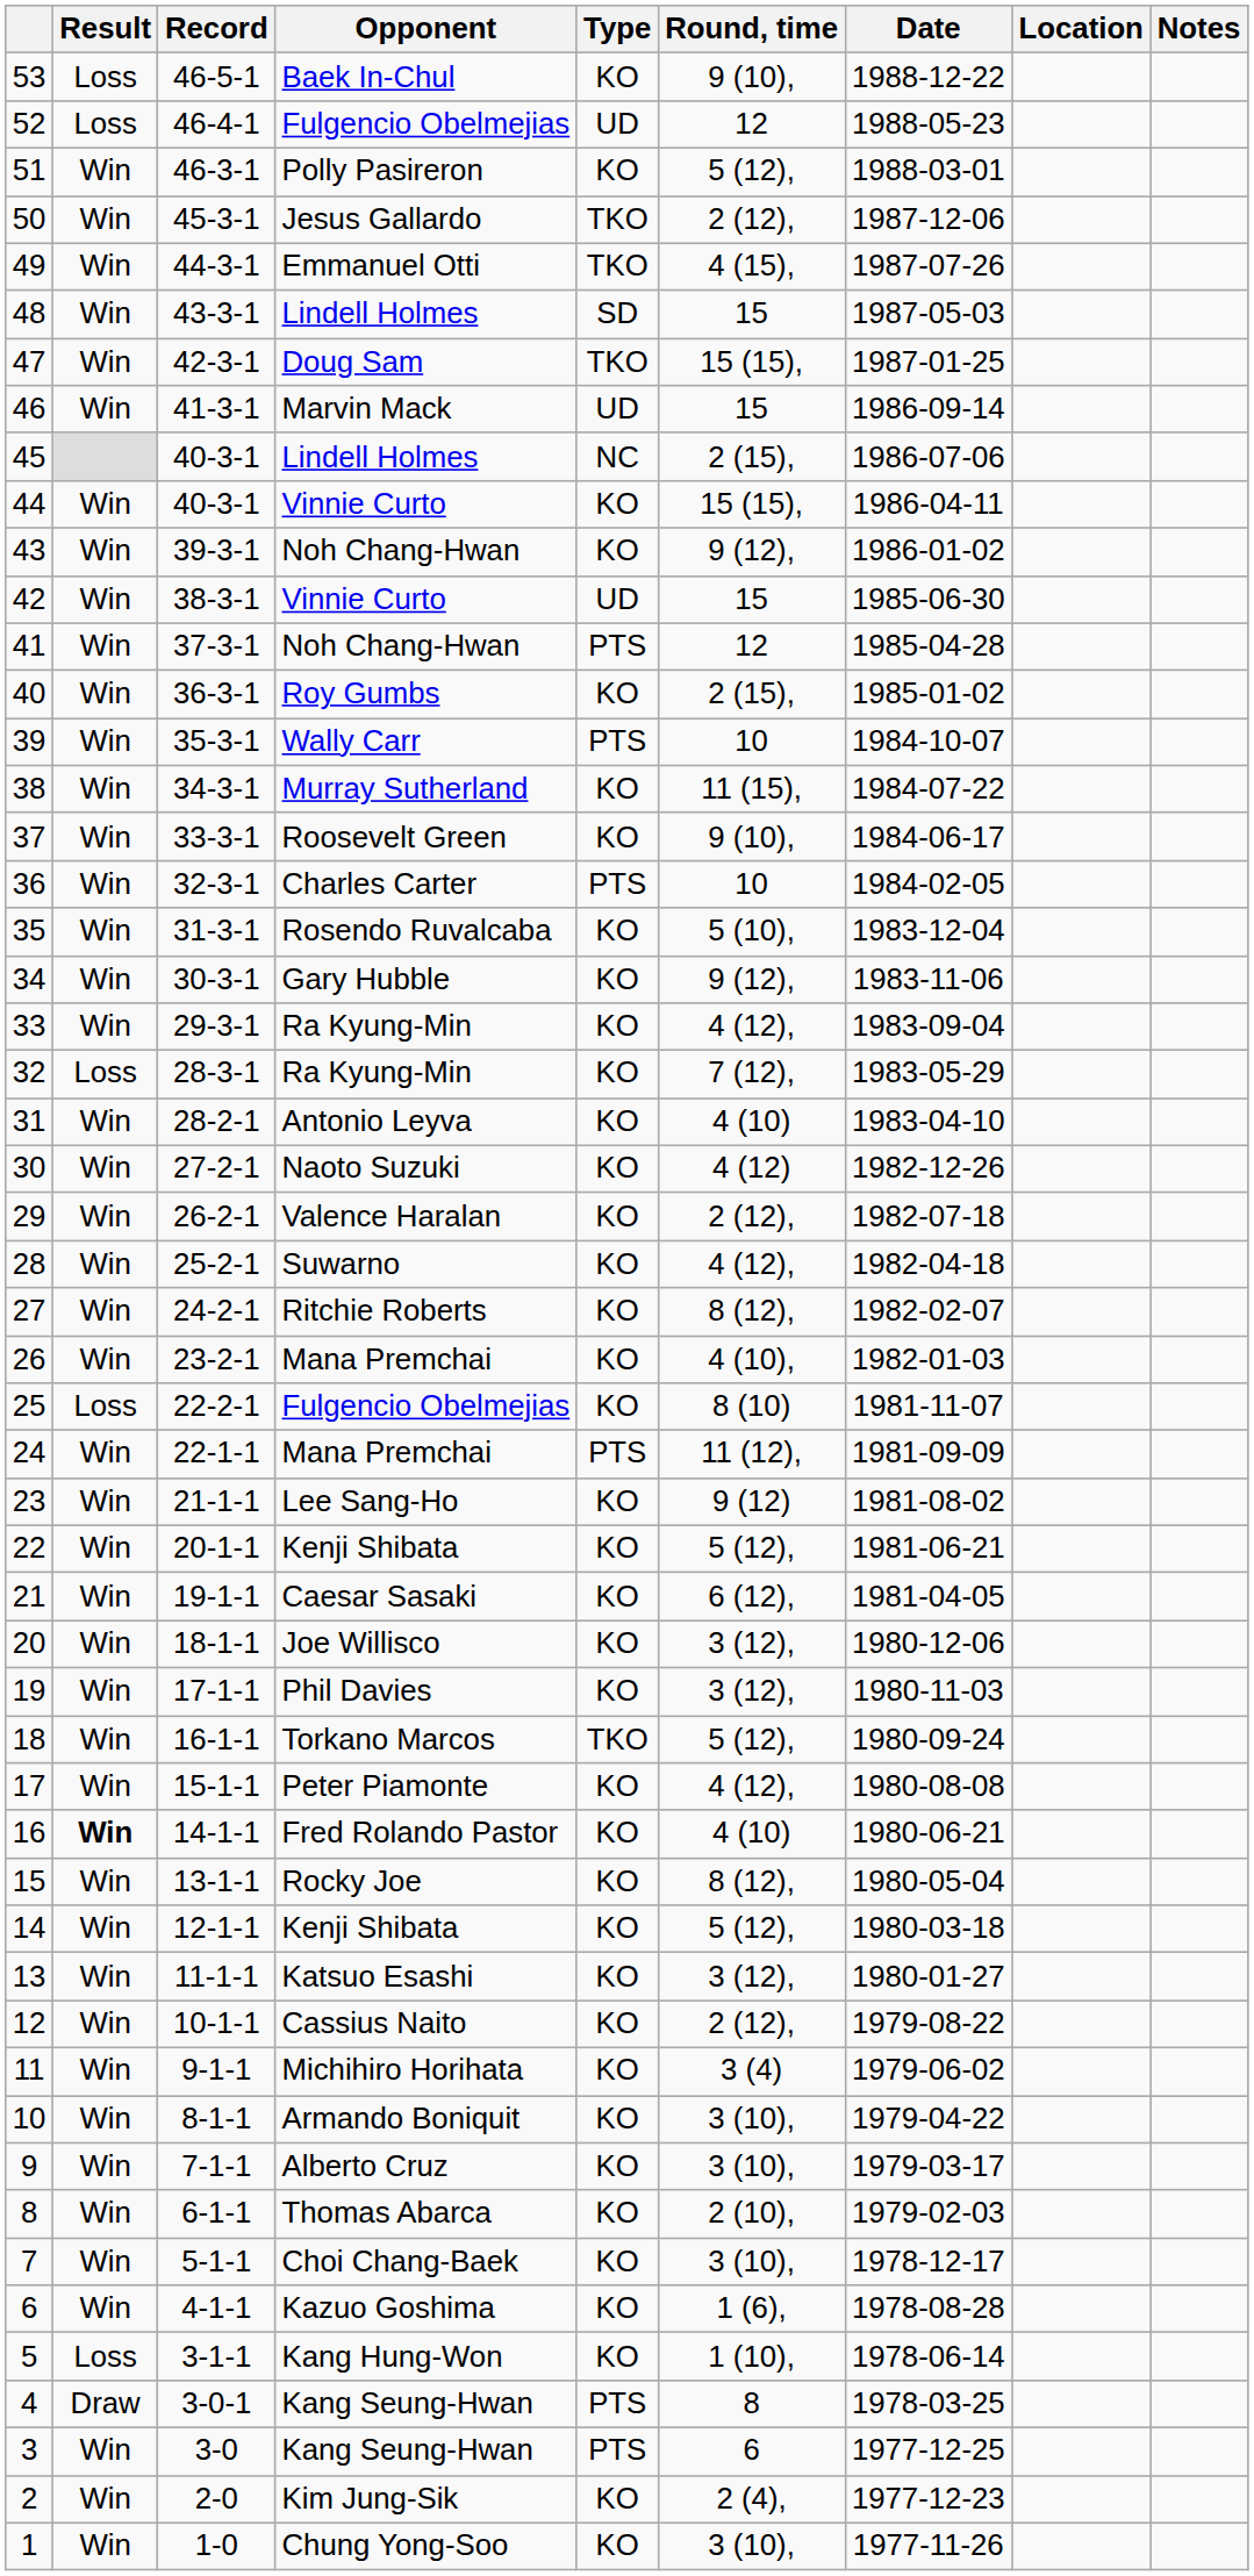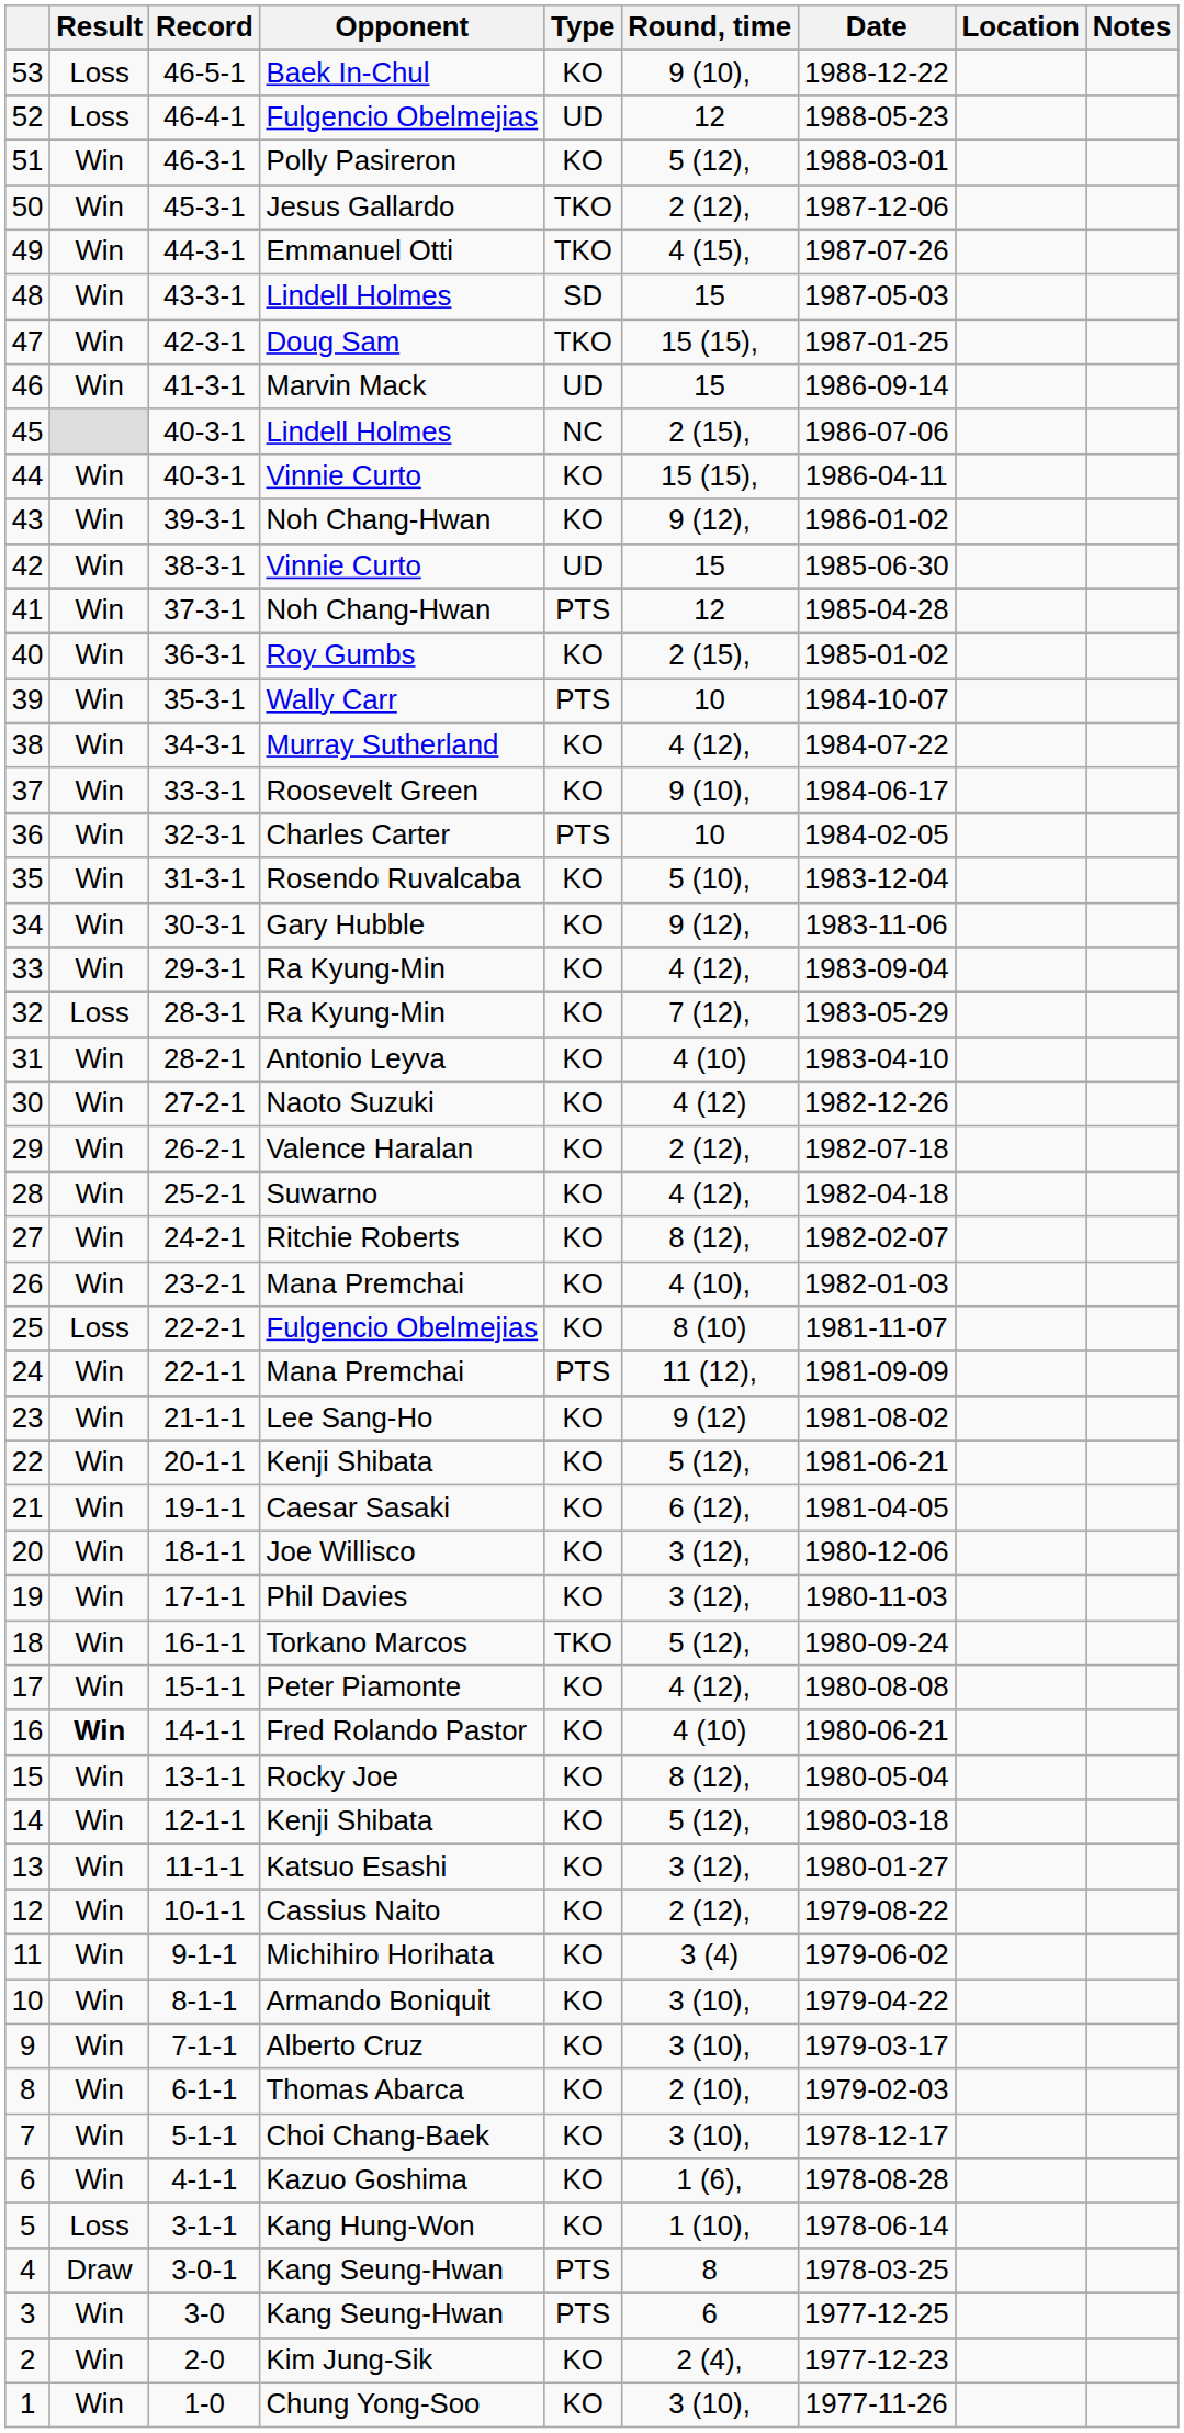 <table class="wikitable" style="text-align:center">
 <tr>
 <th></th>
 <th>Result</th>
 <th>Record</th>
 <th>Opponent</th>
 <th>Type</th>
 <th>Round, time</th>
 <th>Date</th>
 <th>Location</th>
 <th>Notes</th>
 </tr>
 <tr align=center>
 <td>53</td>
 <td>Loss</td>
 <td>46-5-1 </td>
 <td align=left><a href='#'>Baek In-Chul</a></td>
 <td>KO</td>
 <td>9 (10), </td>
 <td>1988-12-22</td>
 <td align=left></td>
 <td></td>
 </tr>
 <tr align=center>
 <td>52</td>
 <td>Loss</td>
 <td>46-4-1 </td>
 <td align=left><a href='#'>Fulgencio Obelmejias</a></td>
 <td>UD</td>
 <td>12</td>
 <td>1988-05-23</td>
 <td align=left></td>
 <td align=left></td>
 </tr>
 <tr align=center>
 <td>51</td>
 <td>Win</td>
 <td>46-3-1 </td>
 <td align=left>Polly Pasireron</td>
 <td>KO</td>
 <td>5 (12), </td>
 <td>1988-03-01</td>
 <td align=left></td>
 <td align=left></td>
 </tr>
 <tr align=center>
 <td>50</td>
 <td>Win</td>
 <td>45-3-1 </td>
 <td align=left>Jesus Gallardo</td>
 <td>TKO</td>
 <td>2 (12), </td>
 <td>1987-12-06</td>
 <td align=left></td>
 <td align=left></td>
 </tr>
 <tr align=center>
 <td>49</td>
 <td>Win</td>
 <td>44-3-1 </td>
 <td align=left>Emmanuel Otti</td>
 <td>TKO</td>
 <td>4 (15), </td>
 <td>1987-07-26</td>
 <td align=left></td>
 <td align=left></td>
 </tr>
 <tr align=center>
 <td>48</td>
 <td>Win</td>
 <td>43-3-1 </td>
 <td align=left><a href='#'>Lindell Holmes</a></td>
 <td>SD</td>
 <td>15</td>
 <td>1987-05-03</td>
 <td align=left></td>
 <td align=left></td>
 </tr>
 <tr align=center>
 <td>47</td>
 <td>Win</td>
 <td>42-3-1 </td>
 <td align=left><a href='#'>Doug Sam</a></td>
 <td>TKO</td>
 <td>15 (15), </td>
 <td>1987-01-25</td>
 <td align=left></td>
 <td align=left></td>
 </tr>
 <tr align=center>
 <td>46</td>
 <td>Win</td>
 <td>41-3-1 </td>
 <td align=left>Marvin Mack</td>
 <td>UD</td>
 <td>15</td>
 <td>1986-09-14</td>
 <td align=left></td>
 <td align=left></td>
 </tr>
 <tr align=center>
 <td>45</td>
 <td style="background:#DDD"></td>
 <td>40-3-1 </td>
 <td align=left><a href='#'>Lindell Holmes</a></td>
 <td>NC</td>
 <td>2 (15), </td>
 <td>1986-07-06</td>
 <td align=left></td>
 <td align=left></td>
 </tr>
 <tr align=center>
 <td>44</td>
 <td>Win</td>
 <td>40-3-1</td>
 <td align=left><a href='#'>Vinnie Curto</a></td>
 <td>KO</td>
 <td>15 (15), </td>
 <td>1986-04-11</td>
 <td align=left></td>
 <td align=left></td>
 </tr>
 <tr align=center>
 <td>43</td>
 <td>Win</td>
 <td>39-3-1</td>
 <td align=left>Noh Chang-Hwan</td>
 <td>KO</td>
 <td>9 (12), </td>
 <td>1986-01-02</td>
 <td align=left></td>
 <td></td>
 </tr>
 <tr align=center>
 <td>42</td>
 <td>Win</td>
 <td>38-3-1</td>
 <td align=left><a href='#'>Vinnie Curto</a></td>
 <td>UD</td>
 <td>15</td>
 <td>1985-06-30</td>
 <td align=left></td>
 <td align=left></td>
 </tr>
 <tr align=center>
 <td>41</td>
 <td>Win</td>
 <td>37-3-1</td>
 <td align=left>Noh Chang-Hwan</td>
 <td>PTS</td>
 <td>12</td>
 <td>1985-04-28</td>
 <td align=left></td>
 <td></td>
 </tr>
 <tr align=center>
 <td>40</td>
 <td>Win</td>
 <td>36-3-1</td>
 <td align=left><a href='#'>Roy Gumbs</a></td>
 <td>KO</td>
 <td>2 (15), </td>
 <td>1985-01-02</td>
 <td align=left></td>
 <td align=left></td>
 </tr>
 <tr align=center>
 <td>39</td>
 <td>Win</td>
 <td>35-3-1</td>
 <td align=left><a href='#'>Wally Carr</a></td>
 <td>PTS</td>
 <td>10</td>
 <td>1984-10-07</td>
 <td align=left></td>
 <td></td>
 </tr>
 <tr align=center>
 <td>38</td>
 <td>Win</td>
 <td>34-3-1</td>
 <td align=left><a href='#'>Murray Sutherland</a></td>
 <td>KO</td>
-<td>11 (15), </td>
+<td>4 (12), </td>
 <td>1984-07-22</td>
 <td align=left></td>
 <td align=left></td>
 </tr>
 <tr align=center>
 <td>37</td>
 <td>Win</td>
 <td>33-3-1</td>
 <td align=left>Roosevelt Green</td>
 <td>KO</td>
 <td>9 (10), </td>
 <td>1984-06-17</td>
 <td align=left></td>
 <td></td>
 </tr>
 <tr align=center>
 <td>36</td>
 <td>Win</td>
 <td>32-3-1</td>
 <td align=left>Charles Carter</td>
 <td>PTS</td>
 <td>10</td>
 <td>1984-02-05</td>
 <td align=left></td>
 <td></td>
 </tr>
 <tr align=center>
 <td>35</td>
 <td>Win</td>
 <td>31-3-1</td>
 <td align=left>Rosendo Ruvalcaba</td>
 <td>KO</td>
 <td>5 (10), </td>
 <td>1983-12-04</td>
 <td align=left></td>
 <td></td>
 </tr>
 <tr align=center>
 <td>34</td>
 <td>Win</td>
 <td>30-3-1</td>
 <td align=left>Gary Hubble</td>
 <td>KO</td>
 <td>9 (12), </td>
 <td>1983-11-06</td>
 <td align=left></td>
 <td align=left></td>
 </tr>
 <tr align=center>
 <td>33</td>
 <td>Win</td>
 <td>29-3-1</td>
 <td align=left>Ra Kyung-Min</td>
 <td>KO</td>
 <td>4 (12), </td>
 <td>1983-09-04</td>
 <td align=left></td>
 <td align=left></td>
 </tr>
 <tr align=center>
 <td>32</td>
 <td>Loss</td>
 <td>28-3-1</td>
 <td align=left>Ra Kyung-Min</td>
 <td>KO</td>
 <td>7 (12), </td>
 <td>1983-05-29</td>
 <td align=left></td>
 <td align=left></td>
 </tr>
 <tr align=center>
 <td>31</td>
 <td>Win</td>
 <td>28-2-1</td>
 <td align=left>Antonio Leyva</td>
 <td>KO</td>
 <td>4 (10)</td>
 <td>1983-04-10</td>
 <td align=left></td>
 <td></td>
 </tr>
 <tr align=center>
 <td>30</td>
 <td>Win</td>
 <td>27-2-1</td>
 <td align=left>Naoto Suzuki</td>
 <td>KO</td>
 <td>4 (12)</td>
 <td>1982-12-26</td>
 <td align=left></td>
 <td align=left></td>
 </tr>
 <tr align=center>
 <td>29</td>
 <td>Win</td>
 <td>26-2-1</td>
 <td align=left>Valence Haralan</td>
 <td>KO</td>
 <td>2 (12), </td>
 <td>1982-07-18</td>
 <td align=left></td>
 <td align=left></td>
 </tr>
 <tr align=center>
 <td>28</td>
 <td>Win</td>
 <td>25-2-1</td>
 <td align=left>Suwarno</td>
 <td>KO</td>
 <td>4 (12), </td>
 <td>1982-04-18</td>
 <td align=left></td>
 <td align=left></td>
 </tr>
 <tr align=center>
 <td>27</td>
 <td>Win</td>
 <td>24-2-1</td>
 <td align=left>Ritchie Roberts</td>
 <td>KO</td>
 <td>8 (12), </td>
 <td>1982-02-07</td>
 <td align=left></td>
 <td align=left></td>
 </tr>
 <tr align=center>
 <td>26</td>
 <td>Win</td>
 <td>23-2-1</td>
 <td align=left>Mana Premchai</td>
 <td>KO</td>
 <td>4 (10), </td>
 <td>1982-01-03</td>
 <td align=left></td>
 <td align=left></td>
 </tr>
 <tr align=center>
 <td>25</td>
 <td>Loss</td>
 <td>22-2-1</td>
 <td align=left><a href='#'>Fulgencio Obelmejias</a></td>
 <td>KO</td>
 <td>8 (10)</td>
 <td>1981-11-07</td>
 <td align=left></td>
 <td></td>
 </tr>
 <tr align=center>
 <td>24</td>
 <td>Win</td>
 <td>22-1-1</td>
 <td align=left>Mana Premchai</td>
 <td>PTS</td>
 <td>11 (12), </td>
 <td>1981-09-09</td>
 <td align=left></td>
 <td align=left></td>
 </tr>
 <tr align=center>
 <td>23</td>
 <td>Win</td>
 <td>21-1-1</td>
 <td align=left>Lee Sang-Ho</td>
 <td>KO</td>
 <td>9 (12)</td>
 <td>1981-08-02</td>
 <td align=left></td>
 <td></td>
 </tr>
 <tr align=center>
 <td>22</td>
 <td>Win</td>
 <td>20-1-1</td>
 <td align=left>Kenji Shibata</td>
 <td>KO</td>
 <td>5 (12), </td>
 <td>1981-06-21</td>
 <td align=left></td>
 <td align=left></td>
 </tr>
 <tr align=center>
 <td>21</td>
 <td>Win</td>
 <td>19-1-1</td>
 <td align=left>Caesar Sasaki</td>
 <td>KO</td>
 <td>6 (12), </td>
 <td>1981-04-05</td>
 <td align=left></td>
 <td align=left></td>
 </tr>
 <tr align=center>
 <td>20</td>
 <td>Win</td>
 <td>18-1-1</td>
 <td align=left>Joe Willisco</td>
 <td>KO</td>
 <td>3 (12), </td>
 <td>1980-12-06</td>
 <td align=left></td>
 <td align=left></td>
 </tr>
 <tr align=center>
 <td>19</td>
 <td>Win</td>
 <td>17-1-1</td>
 <td align=left>Phil Davies</td>
 <td>KO</td>
 <td>3 (12), </td>
 <td>1980-11-03</td>
 <td align=left></td>
 <td align=left></td>
 </tr>
 <tr align=center>
 <td>18</td>
 <td>Win</td>
 <td>16-1-1</td>
 <td align=left>Torkano Marcos</td>
 <td>TKO</td>
 <td>5 (12), </td>
 <td>1980-09-24</td>
 <td align=left></td>
 <td align=left></td>
 </tr>
 <tr align=center>
 <td>17</td>
 <td>Win</td>
 <td>15-1-1</td>
 <td align=left>Peter Piamonte</td>
 <td>KO</td>
 <td>4 (12), </td>
 <td>1980-08-08</td>
 <td align=left></td>
 <td align=left></td>
 </tr>
 <tr align=center>
 <td>16</td>
 <td><strong>Win</strong></td>
 <td>14-1-1</td>
 <td align=left>Fred Rolando Pastor</td>
 <td>KO</td>
 <td>4 (10)</td>
 <td>1980-06-21</td>
 <td align=left></td>
 <td></td>
 </tr>
 <tr align=center>
 <td>15</td>
 <td>Win</td>
 <td>13-1-1</td>
 <td align=left>Rocky Joe</td>
 <td>KO</td>
 <td>8 (12), </td>
 <td>1980-05-04</td>
 <td align=left></td>
 <td align=left></td>
 </tr>
 <tr align=center>
 <td>14</td>
 <td>Win</td>
 <td>12-1-1</td>
 <td align=left>Kenji Shibata</td>
 <td>KO</td>
 <td>5 (12), </td>
 <td>1980-03-18</td>
 <td align=left></td>
 <td align=left></td>
 </tr>
 <tr align=center>
 <td>13</td>
 <td>Win</td>
 <td>11-1-1</td>
 <td align=left>Katsuo Esashi</td>
 <td>KO</td>
 <td>3 (12), </td>
 <td>1980-01-27</td>
 <td align=left></td>
 <td align=left></td>
 </tr>
 <tr align=center>
 <td>12</td>
 <td>Win</td>
 <td>10-1-1</td>
 <td align=left>Cassius Naito</td>
 <td>KO</td>
 <td>2 (12), </td>
 <td>1979-08-22</td>
 <td align=left></td>
 <td align=left></td>
 </tr>
 <tr align=center>
 <td>11</td>
 <td>Win</td>
 <td>9-1-1</td>
 <td align=left>Michihiro Horihata</td>
 <td>KO</td>
 <td>3 (4)</td>
 <td>1979-06-02</td>
 <td align=left></td>
 <td></td>
 </tr>
 <tr align=center>
 <td>10</td>
 <td>Win</td>
 <td>8-1-1</td>
 <td align=left>Armando Boniquit</td>
 <td>KO</td>
 <td>3 (10), </td>
 <td>1979-04-22</td>
 <td align=left></td>
 <td></td>
 </tr>
 <tr align=center>
 <td>9</td>
 <td>Win</td>
 <td>7-1-1</td>
 <td align=left>Alberto Cruz</td>
 <td>KO</td>
 <td>3 (10), </td>
 <td>1979-03-17</td>
 <td align=left></td>
 <td></td>
 </tr>
 <tr align=center>
 <td>8</td>
 <td>Win</td>
 <td>6-1-1</td>
 <td align=left>Thomas Abarca</td>
 <td>KO</td>
 <td>2 (10), </td>
 <td>1979-02-03</td>
 <td align=left></td>
 <td></td>
 </tr>
 <tr align=center>
 <td>7</td>
 <td>Win</td>
 <td>5-1-1</td>
 <td align=left>Choi Chang-Baek</td>
 <td>KO</td>
 <td>3 (10), </td>
 <td>1978-12-17</td>
 <td align=left></td>
 <td align=left></td>
 </tr>
 <tr align=center>
 <td>6</td>
 <td>Win</td>
 <td>4-1-1</td>
 <td align=left>Kazuo Goshima</td>
 <td>KO</td>
 <td>1 (6), </td>
 <td>1978-08-28</td>
 <td align=left></td>
 <td></td>
 </tr>
 <tr align=center>
 <td>5</td>
 <td>Loss</td>
 <td>3-1-1</td>
 <td align=left>Kang Hung-Won</td>
 <td>KO</td>
 <td>1 (10), </td>
 <td>1978-06-14</td>
 <td align=left></td>
 <td align=left></td>
 </tr>
 <tr align=center>
 <td>4</td>
 <td>Draw</td>
 <td>3-0-1</td>
 <td align=left>Kang Seung-Hwan</td>
 <td>PTS</td>
 <td>8</td>
 <td>1978-03-25</td>
 <td align=left></td>
 <td></td>
 </tr>
 <tr align=center>
 <td>3</td>
 <td>Win</td>
 <td>3-0</td>
 <td align=left>Kang Seung-Hwan</td>
 <td>PTS</td>
 <td>6</td>
 <td>1977-12-25</td>
 <td align=left></td>
 <td></td>
 </tr>
 <tr align=center>
 <td>2</td>
 <td>Win</td>
 <td>2-0</td>
 <td align=left>Kim Jung-Sik</td>
 <td>KO</td>
 <td>2 (4), </td>
 <td>1977-12-23</td>
 <td align=left></td>
 <td></td>
 </tr>
 <tr align=center>
 <td>1</td>
 <td>Win</td>
 <td>1-0</td>
 <td align=left>Chung Yong-Soo</td>
 <td>KO</td>
 <td>3 (10), </td>
 <td>1977-11-26</td>
 <td align=left></td>
 <td></td>
 </tr>
 </table>
